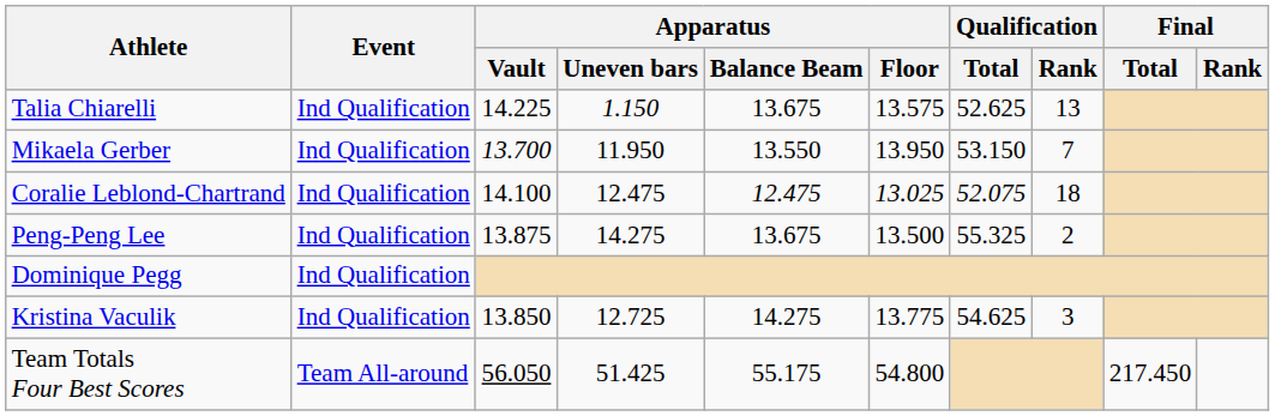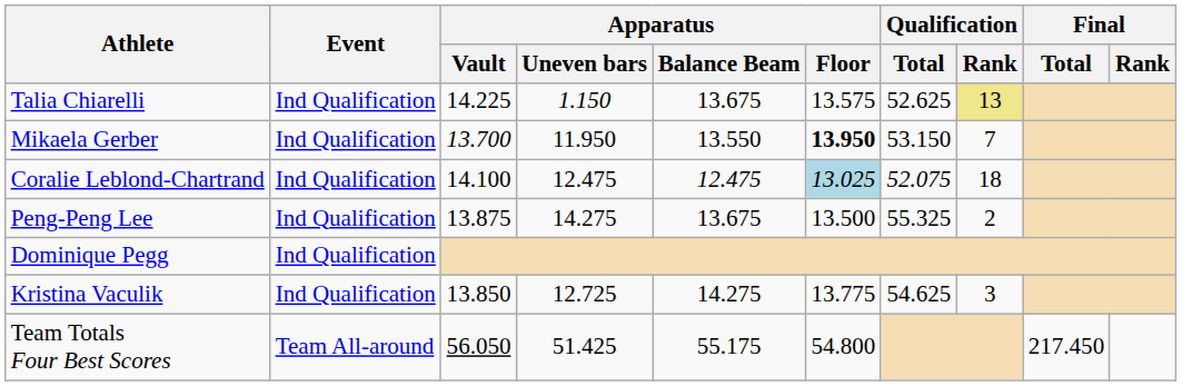 <table class="wikitable" style="font-size:90%">
 <tr>
 <th rowspan="2">Athlete</th>
 <th rowspan="2">Event</th>
 <th colspan = "4">Apparatus</th>
 <th colspan = "2">Qualification</th>
 <th colspan = "2">Final</th>
 </tr>
 <tr>
 <th>Vault</th>
 <th>Uneven bars</th>
 <th>Balance Beam</th>
 <th>Floor</th>
 <th>Total</th>
 <th>Rank</th>
 <th>Total</th>
 <th>Rank</th>
 </tr>
 <tr>
 <td><a href='#'>Talia Chiarelli</a></td>
 <td><a href='#'>Ind Qualification</a></td>
 <td align=center>14.225</td>
 <td align=center><em>1.150</em></td>
 <td align=center>13.675</td>
 <td align=center>13.575</td>
 <td align=center>52.625</td>
-<td align=center>13</td>
+<td align=center style="background: khaki;">13</td>
 <td align=center colspan=2 bgcolor=wheat></td>
 </tr>
 <tr>
 <td><a href='#'>Mikaela Gerber</a></td>
 <td><a href='#'>Ind Qualification</a></td>
 <td align=center><em>13.700</em></td>
 <td align=center>11.950</td>
 <td align=center>13.550</td>
-<td align=center>13.950</td>
+<td align=center><strong>13.950</strong></td>
 <td align=center>53.150</td>
 <td align=center>7</td>
 <td align=center colspan=2 bgcolor=wheat></td>
 </tr>
 <tr>
 <td><a href='#'>Coralie Leblond-Chartrand</a></td>
 <td><a href='#'>Ind Qualification</a></td>
 <td align=center>14.100</td>
 <td align=center>12.475</td>
 <td align=center><em>12.475</em></td>
-<td align=center><em>13.025</em></td>
+<td align=center style="background: lightblue;"><em>13.025</em></td>
 <td align=center><em>52.075</em></td>
 <td align=center>18</td>
 <td align=center colspan=2 bgcolor=wheat></td>
 </tr>
 <tr>
 <td><a href='#'>Peng-Peng Lee</a></td>
 <td><a href='#'>Ind Qualification</a></td>
 <td align=center>13.875</td>
 <td align=center>14.275</td>
 <td align=center>13.675</td>
 <td align=center>13.500</td>
 <td align=center>55.325</td>
 <td align=center>2</td>
 <td align=center colspan=2 bgcolor=wheat></td>
 </tr>
 <tr>
 <td><a href='#'>Dominique Pegg</a></td>
 <td><a href='#'>Ind Qualification</a></td>
 <td align=center colspan="8" bgcolor=wheat></td>
 </tr>
 <tr>
 <td><a href='#'>Kristina Vaculik</a></td>
 <td><a href='#'>Ind Qualification</a></td>
 <td align=center>13.850</td>
 <td align=center>12.725</td>
 <td align=center>14.275</td>
 <td align=center>13.775</td>
 <td align=center>54.625</td>
 <td align=center>3</td>
 <td align=center colspan=2 bgcolor=wheat></td>
 </tr>
 <tr>
 <td>Team Totals<br><em>Four Best Scores</em></td>
 <td><a href='#'>Team All-around</a></td>
 <td align=center><u>56.050</u></td>
 <td align=center>51.425</td>
 <td align=center>55.175</td>
 <td align=center>54.800</td>
 <td align=center colspan=2 bgcolor=wheat></td>
 <td align=center>217.450</td>
 <td align=center></td>
 </tr>
 </table>
